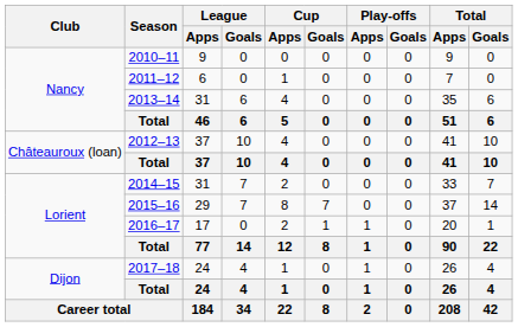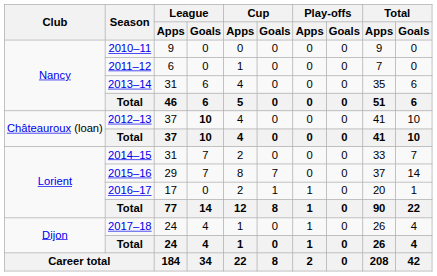 <table class="wikitable" style="text-align: center;">
 <tr>
 <th rowspan="2">Club</th>
 <th rowspan="2">Season</th>
 <th colspan="2">League</th>
 <th colspan="2">Cup</th>
 <th colspan="2">Play-offs</th>
 <th colspan="2">Total</th>
 </tr>
 <tr>
 <th>Apps</th>
 <th>Goals</th>
 <th>Apps</th>
 <th>Goals</th>
 <th>Apps</th>
 <th>Goals</th>
 <th>Apps</th>
 <th>Goals</th>
 </tr>
 <tr>
 <td rowspan="4"><a href='#'>Nancy</a></td>
 <td><a href='#'>2010–11</a></td>
 <td>9</td>
 <td>0</td>
 <td>0</td>
 <td>0</td>
 <td>0</td>
 <td>0</td>
 <td>9</td>
 <td>0</td>
 </tr>
 <tr>
 <td><a href='#'>2011–12</a></td>
 <td>6</td>
 <td>0</td>
 <td>1</td>
 <td>0</td>
 <td>0</td>
 <td>0</td>
 <td>7</td>
 <td>0</td>
 </tr>
 <tr>
 <td><a href='#'>2013–14</a></td>
 <td>31</td>
 <td>6</td>
 <td>4</td>
 <td>0</td>
 <td>0</td>
 <td>0</td>
 <td>35</td>
 <td>6</td>
 </tr>
 <tr>
 <th colspan="1">Total</th>
 <th>46</th>
 <th>6</th>
 <th>5</th>
 <th>0</th>
 <th>0</th>
 <th>0</th>
 <th>51</th>
 <th>6</th>
 </tr>
 <tr>
 <td rowspan="2"><a href='#'>Châteauroux</a> (loan)</td>
 <td><a href='#'>2012–13</a></td>
 <td>37</td>
-<td>10</td>
+<td><strong>10</strong></td>
 <td>4</td>
 <td>0</td>
 <td>0</td>
 <td>0</td>
 <td>41</td>
 <td>10</td>
 </tr>
 <tr>
 <th colspan="1">Total</th>
 <th>37</th>
 <th>10</th>
 <th>4</th>
 <th>0</th>
 <th>0</th>
 <th>0</th>
 <th>41</th>
 <th>10</th>
 </tr>
 <tr>
 <td rowspan="4"><a href='#'>Lorient</a></td>
 <td><a href='#'>2014–15</a></td>
 <td>31</td>
 <td>7</td>
 <td>2</td>
 <td>0</td>
 <td>0</td>
 <td>0</td>
 <td>33</td>
 <td>7</td>
 </tr>
 <tr>
 <td><a href='#'>2015–16</a></td>
 <td>29</td>
 <td>7</td>
 <td>8</td>
 <td>7</td>
 <td>0</td>
 <td>0</td>
 <td>37</td>
 <td>14</td>
 </tr>
 <tr>
 <td><a href='#'>2016–17</a></td>
 <td>17</td>
 <td>0</td>
 <td>2</td>
 <td>1</td>
 <td>1</td>
 <td>0</td>
 <td>20</td>
 <td>1</td>
 </tr>
 <tr>
 <th colspan="1">Total</th>
 <th>77</th>
 <th>14</th>
 <th>12</th>
 <th>8</th>
 <th>1</th>
 <th>0</th>
 <th>90</th>
 <th>22</th>
 </tr>
 <tr>
 <td rowspan="2"><a href='#'>Dijon</a></td>
 <td><a href='#'>2017–18</a></td>
 <td>24</td>
 <td>4</td>
 <td>1</td>
 <td>0</td>
 <td>1</td>
 <td>0</td>
 <td>26</td>
 <td>4</td>
 </tr>
 <tr>
 <th colspan="1">Total</th>
 <th>24</th>
 <th>4</th>
 <th>1</th>
 <th>0</th>
 <th>1</th>
 <th>0</th>
 <th>26</th>
 <th>4</th>
 </tr>
 <tr>
 <th colspan="2">Career total</th>
 <th>184</th>
 <th>34</th>
 <th>22</th>
 <th>8</th>
 <th>2</th>
 <th>0</th>
 <th>208</th>
 <th>42</th>
 </tr>
 </table>
